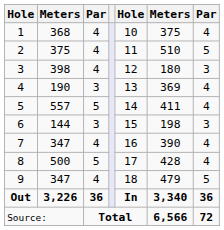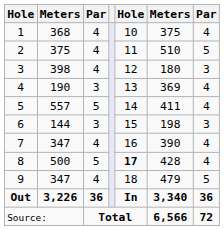 <table class="wikitable" style="text-align:center; font-size:100%;">
 <tr>
 <th>Hole</th>
 <th>Meters</th>
 <th>Par</th>
 <th></th>
 <th>Hole</th>
 <th>Meters</th>
 <th>Par</th>
 </tr>
 <tr>
 <td>1</td>
 <td>368</td>
 <td>4</td>
 <td rowspan="10" style="background:#E6E8FA;"></td>
 <td>10</td>
 <td>375</td>
 <td>4</td>
 </tr>
 <tr>
 <td>2</td>
 <td>375</td>
 <td>4</td>
 <td>11</td>
 <td>510</td>
 <td>5</td>
 </tr>
 <tr>
 <td>3</td>
 <td>398</td>
 <td>4</td>
 <td>12</td>
 <td>180</td>
 <td>3</td>
 </tr>
 <tr>
 <td>4</td>
 <td>190</td>
 <td>3</td>
 <td>13</td>
 <td>369</td>
 <td>4</td>
 </tr>
 <tr>
 <td>5</td>
 <td>557</td>
 <td>5</td>
 <td>14</td>
 <td>411</td>
 <td>4</td>
 </tr>
 <tr>
 <td>6</td>
 <td>144</td>
 <td>3</td>
 <td>15</td>
 <td>198</td>
 <td>3</td>
 </tr>
 <tr>
 <td>7</td>
 <td>347</td>
 <td>4</td>
 <td>16</td>
 <td>390</td>
 <td>4</td>
 </tr>
 <tr>
 <td>8</td>
 <td>500</td>
 <td>5</td>
-<td>17</td>
+<td><strong>17</strong></td>
 <td>428</td>
 <td>4</td>
 </tr>
 <tr>
 <td>9</td>
 <td>347</td>
 <td>4</td>
 <td>18</td>
 <td>479</td>
 <td>5</td>
 </tr>
 <tr>
 <td><strong>Out</strong></td>
 <td><strong>3,226</strong></td>
 <td><strong>36</strong></td>
 <td><strong>In</strong></td>
 <td><strong>3,340</strong></td>
 <td><strong>36</strong></td>
 </tr>
 <tr>
 <td colspan="2" align="left"><small>Source:</small></td>
 <td colspan="3"><strong>Total</strong></td>
 <td><strong>6,566</strong></td>
 <td><strong>72</strong></td>
 </tr>
 </table>
